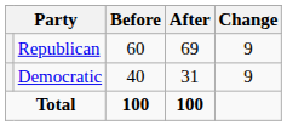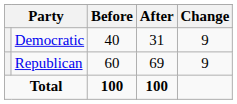 <table class="wikitable" style="text-align:center;">
 <tr>
 </tr>
 <tr>
 <th colspan=2>Party</th>
 <th>Before</th>
 <th>After</th>
 <th>Change</th>
 </tr>
 <tr>
 <th style="background-color:"></th>
-<td style="text-align:left;"><a href='#'>Republican</a></td>
-<td>60</td>
-<td>69</td>
+<td style="text-align:left;"><a href='#'>Democratic</a></td>
+<td>40</td>
+<td>31</td>
 <td> 9</td>
 </tr>
 <tr>
 <th style="background-color:"></th>
-<td style="text-align:left;"><a href='#'>Democratic</a></td>
-<td>40</td>
-<td>31</td>
+<td style="text-align:left;"><a href='#'>Republican</a></td>
+<td>60</td>
+<td>69</td>
 <td> 9</td>
 </tr>
 <tr>
 <td colspan=2><strong>Total</strong></td>
 <td><strong>100</strong></td>
 <td><strong>100</strong></td>
 <td></td>
 </tr>
 </table>
